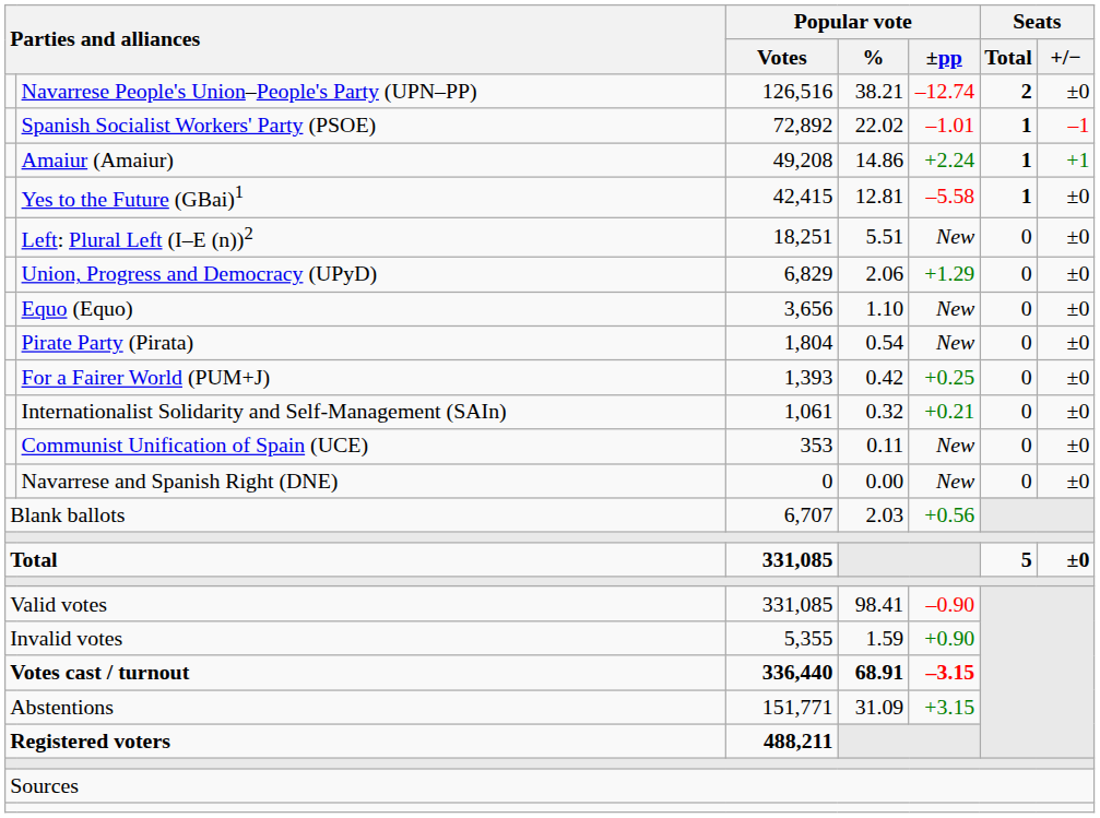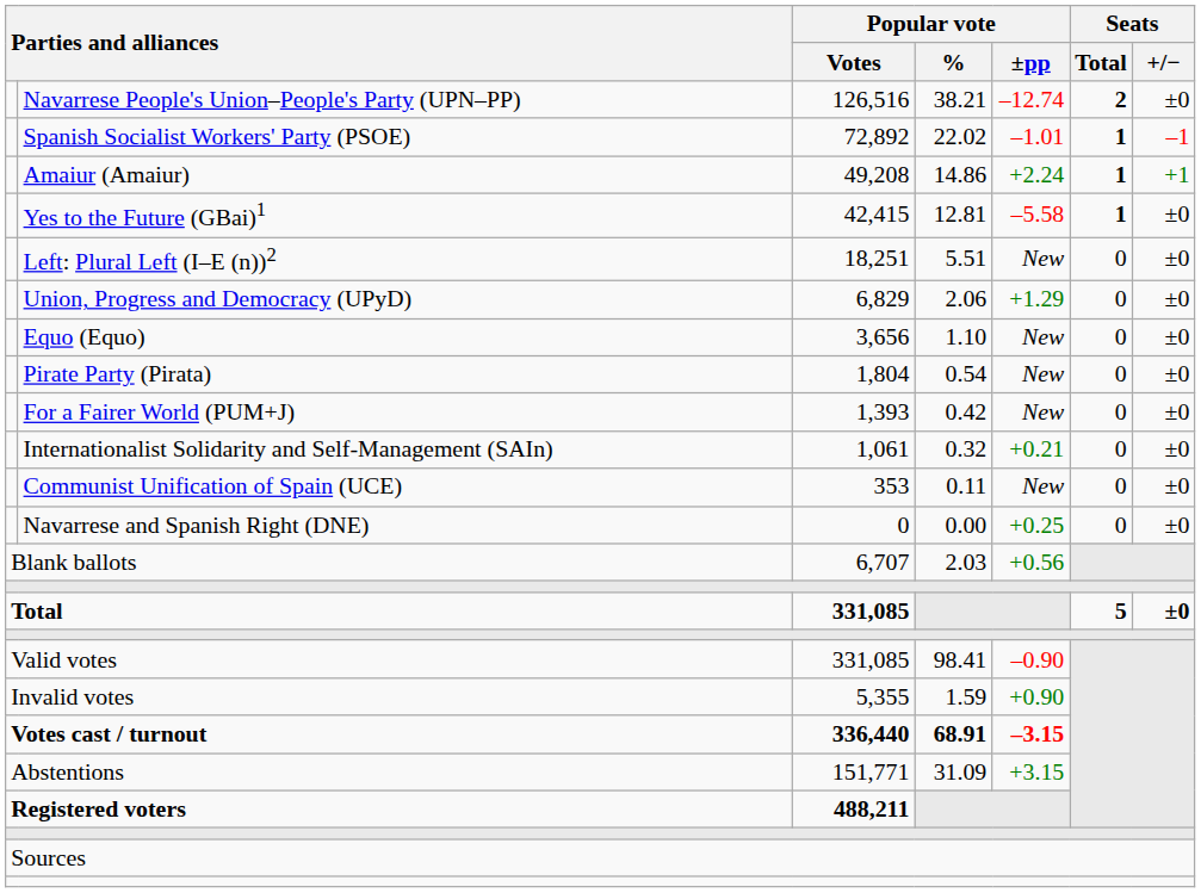 <table class="wikitable" style="text-align:right;">
 <tr>
 <th style="text-align:left;" rowspan="2" colspan="2" width="525">Parties and alliances</th>
 <th colspan="3">Popular vote</th>
 <th colspan="2">Seats</th>
 </tr>
 <tr>
 <th width="75">Votes</th>
 <th width="45">%</th>
 <th width="45">±<a href='#'>pp</a></th>
 <th width="35">Total</th>
 <th width="35">+/−</th>
 </tr>
 <tr>
 <td width="1" style="color:inherit;background:"></td>
 <td align="left"><a href='#'>Navarrese People's Union</a>–<a href='#'>People's Party</a> (UPN–PP)</td>
 <td>126,516</td>
 <td>38.21</td>
 <td style="color:red;">–12.74</td>
 <td><strong>2</strong></td>
 <td>±0</td>
 </tr>
 <tr>
 <td style="color:inherit;background:"></td>
 <td align="left"><a href='#'>Spanish Socialist Workers' Party</a> (PSOE)</td>
 <td>72,892</td>
 <td>22.02</td>
 <td style="color:red;">–1.01</td>
 <td><strong>1</strong></td>
 <td style="color:red;">–1</td>
 </tr>
 <tr>
 <td style="color:inherit;background:"></td>
 <td align="left"><a href='#'>Amaiur</a> (Amaiur)</td>
 <td>49,208</td>
 <td>14.86</td>
 <td style="color:green;">+2.24</td>
 <td><strong>1</strong></td>
 <td style="color:green;">+1</td>
 </tr>
 <tr>
 <td style="color:inherit;background:"></td>
 <td align="left"><a href='#'>Yes to the Future</a> (GBai)<sup>1</sup></td>
 <td>42,415</td>
 <td>12.81</td>
 <td style="color:red;">–5.58</td>
 <td><strong>1</strong></td>
 <td>±0</td>
 </tr>
 <tr>
 <td style="color:inherit;background:"></td>
 <td align="left"><a href='#'>Left</a>: <a href='#'>Plural Left</a> (I–E (n))<sup>2</sup></td>
 <td>18,251</td>
 <td>5.51</td>
 <td><em>New</em></td>
 <td>0</td>
 <td>±0</td>
 </tr>
 <tr>
 <td style="color:inherit;background:"></td>
 <td align="left"><a href='#'>Union, Progress and Democracy</a> (UPyD)</td>
 <td>6,829</td>
 <td>2.06</td>
 <td style="color:green;">+1.29</td>
 <td>0</td>
 <td>±0</td>
 </tr>
 <tr>
 <td style="color:inherit;background:"></td>
 <td align="left"><a href='#'>Equo</a> (Equo)</td>
 <td>3,656</td>
 <td>1.10</td>
 <td><em>New</em></td>
 <td>0</td>
 <td>±0</td>
 </tr>
 <tr>
 <td style="color:inherit;background:"></td>
 <td align="left"><a href='#'>Pirate Party</a> (Pirata)</td>
 <td>1,804</td>
 <td>0.54</td>
 <td><em>New</em></td>
 <td>0</td>
 <td>±0</td>
 </tr>
 <tr>
 <td style="color:inherit;background:"></td>
 <td align="left"><a href='#'>For a Fairer World</a> (PUM+J)</td>
 <td>1,393</td>
 <td>0.42</td>
-<td style="color:green;">+0.25</td>
+<td><em>New</em></td>
 <td>0</td>
 <td>±0</td>
 </tr>
 <tr>
 <td style="color:inherit;background:"></td>
 <td align="left">Internationalist Solidarity and Self-Management (SAIn)</td>
 <td>1,061</td>
 <td>0.32</td>
 <td style="color:green;">+0.21</td>
 <td>0</td>
 <td>±0</td>
 </tr>
 <tr>
 <td style="color:inherit;background:"></td>
 <td align="left"><a href='#'>Communist Unification of Spain</a> (UCE)</td>
 <td>353</td>
 <td>0.11</td>
 <td><em>New</em></td>
 <td>0</td>
 <td>±0</td>
 </tr>
 <tr>
 <td style="color:inherit;background:"></td>
 <td align="left">Navarrese and Spanish Right (DNE)</td>
 <td>0</td>
 <td>0.00</td>
-<td><em>New</em></td>
+<td style="color:green;">+0.25</td>
 <td>0</td>
 <td>±0</td>
 </tr>
 <tr>
 <td align="left" colspan="2">Blank ballots</td>
 <td>6,707</td>
 <td>2.03</td>
 <td style="color:green;">+0.56</td>
 <td bgcolor="#E9E9E9" colspan="2"></td>
 </tr>
 <tr>
 <td colspan="7" bgcolor="#E9E9E9"></td>
 </tr>
 <tr style="font-weight:bold;">
 <td align="left" colspan="2">Total</td>
 <td>331,085</td>
 <td bgcolor="#E9E9E9" colspan="2"></td>
 <td>5</td>
 <td>±0</td>
 </tr>
 <tr>
 <td colspan="7" bgcolor="#E9E9E9"></td>
 </tr>
 <tr>
 <td align="left" colspan="2">Valid votes</td>
 <td>331,085</td>
 <td>98.41</td>
 <td style="color:red;">–0.90</td>
 <td bgcolor="#E9E9E9" colspan="2" rowspan="5"></td>
 </tr>
 <tr>
 <td align="left" colspan="2">Invalid votes</td>
 <td>5,355</td>
 <td>1.59</td>
 <td style="color:green;">+0.90</td>
 </tr>
 <tr style="font-weight:bold;">
 <td align="left" colspan="2">Votes cast / turnout</td>
 <td>336,440</td>
 <td>68.91</td>
 <td style="color:red;">–3.15</td>
 </tr>
 <tr>
 <td align="left" colspan="2">Abstentions</td>
 <td>151,771</td>
 <td>31.09</td>
 <td style="color:green;">+3.15</td>
 </tr>
 <tr style="font-weight:bold;">
 <td align="left" colspan="2">Registered voters</td>
 <td>488,211</td>
 <td bgcolor="#E9E9E9" colspan="2"></td>
 </tr>
 <tr>
 <td colspan="7" bgcolor="#E9E9E9"></td>
 </tr>
 <tr>
 <td align="left" colspan="7">Sources</td>
 </tr>
 <tr>
 <td colspan="7" style="text-align:left; max-width:790px;"></td>
 </tr>
 </table>
